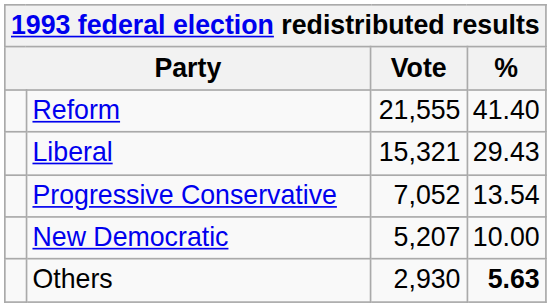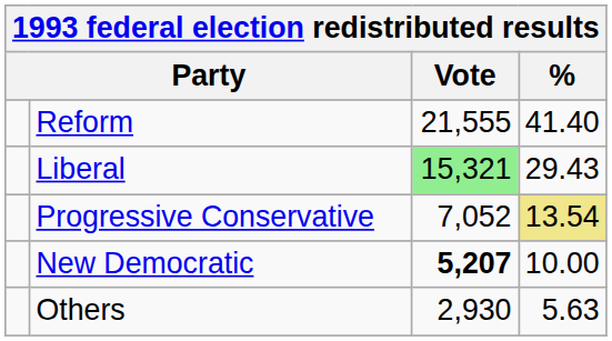 <table class="wikitable">
 <tr>
 <th colspan="4"><a href='#'>1993 federal election</a> redistributed results</th>
 </tr>
 <tr>
 <th bgcolor="#DDDDFF" width="130px" colspan="2">Party</th>
 <th bgcolor="#DDDDFF" width="50px">Vote</th>
 <th bgcolor="#DDDDFF" width="30px">%</th>
 </tr>
 <tr>
 <td> </td>
 <td><a href='#'>Reform</a></td>
 <td align=right>21,555</td>
 <td align=right>41.40</td>
 </tr>
 <tr>
 <td> </td>
 <td><a href='#'>Liberal</a></td>
-<td align=right>15,321</td>
+<td align=right style="background: lightgreen;">15,321</td>
 <td align=right>29.43</td>
 </tr>
 <tr>
 <td> </td>
 <td><a href='#'>Progressive Conservative</a></td>
 <td align=right>7,052</td>
-<td align=right>13.54</td>
+<td align=right style="background: khaki;">13.54</td>
 </tr>
 <tr>
 <td> </td>
 <td><a href='#'>New Democratic</a></td>
-<td align=right>5,207</td>
+<td align=right><strong>5,207</strong></td>
 <td align=right>10.00</td>
 </tr>
 <tr>
 <td> </td>
 <td>Others</td>
 <td align=right>2,930</td>
-<td align=right><strong>5.63</strong></td>
+<td align=right>5.63</td>
 </tr>
 </table>
